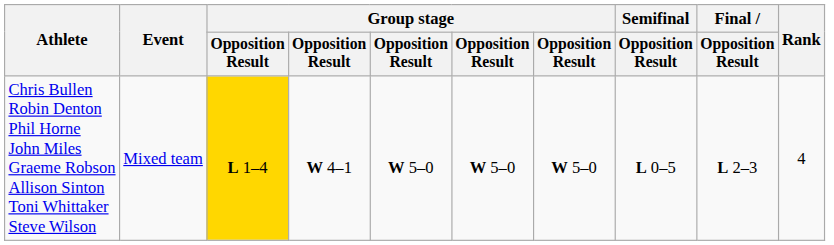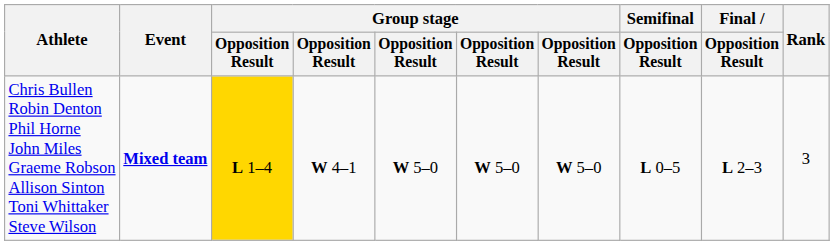 <table class="wikitable" style="font-size:90%">
 <tr>
 <th rowspan="2">Athlete</th>
 <th rowspan="2">Event</th>
 <th colspan="5">Group stage</th>
 <th>Semifinal</th>
 <th>Final / </th>
 <th rowspan="2">Rank</th>
 </tr>
 <tr style="font-size:95%">
 <th>Opposition<br>Result</th>
 <th>Opposition<br>Result</th>
 <th>Opposition<br>Result</th>
 <th>Opposition<br>Result</th>
 <th>Opposition<br>Result</th>
 <th>Opposition<br>Result</th>
 <th>Opposition<br>Result</th>
 </tr>
 <tr align=center>
 <td align=left><a href='#'>Chris Bullen</a><br><a href='#'>Robin Denton</a><br><a href='#'>Phil Horne</a><br><a href='#'>John Miles</a><br><a href='#'>Graeme Robson</a><br><a href='#'>Allison Sinton</a><br><a href='#'>Toni Whittaker</a><br><a href='#'>Steve Wilson</a></td>
-<td align=left><a href='#'>Mixed team</a></td>
+<td align=left><strong><a href='#'>Mixed team</a></strong></td>
 <td style="background: gold;"><br><strong>L</strong> 1–4</td>
 <td><br><strong>W</strong> 4–1</td>
 <td><br><strong>W</strong> 5–0</td>
 <td><br><strong>W</strong> 5–0</td>
 <td><br><strong>W</strong> 5–0</td>
 <td><br><strong>L</strong> 0–5</td>
 <td><br><strong>L</strong> 2–3</td>
-<td>4</td>
+<td>3</td>
 </tr>
 </table>
